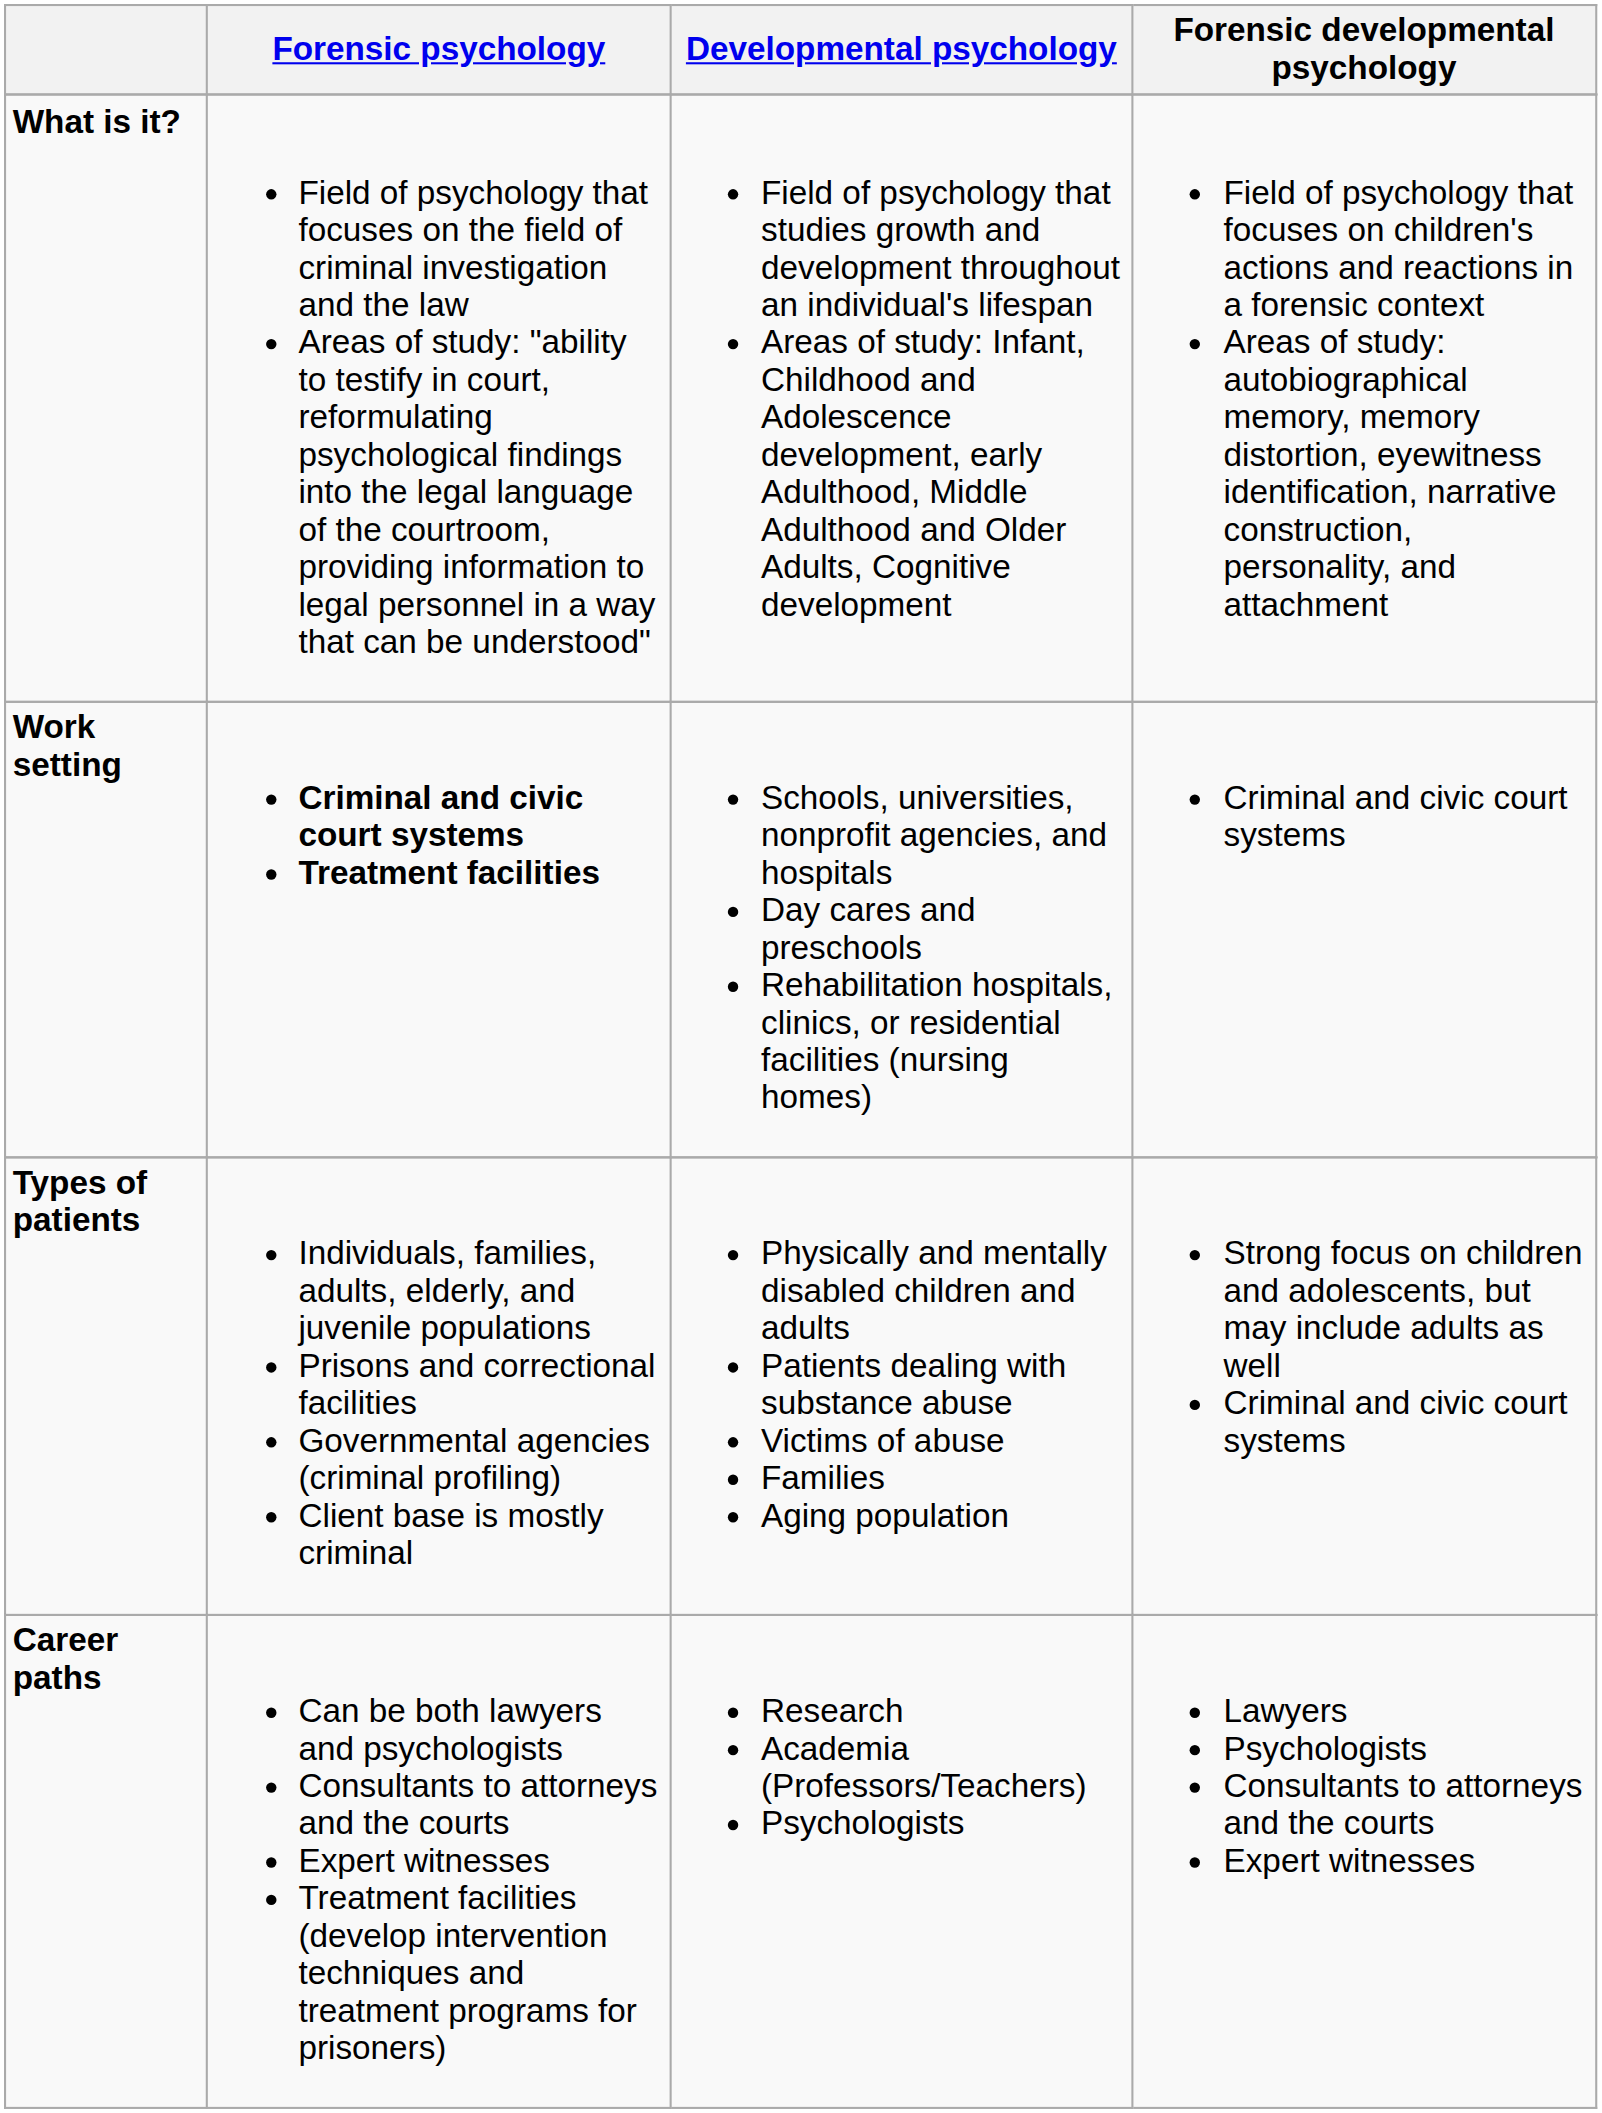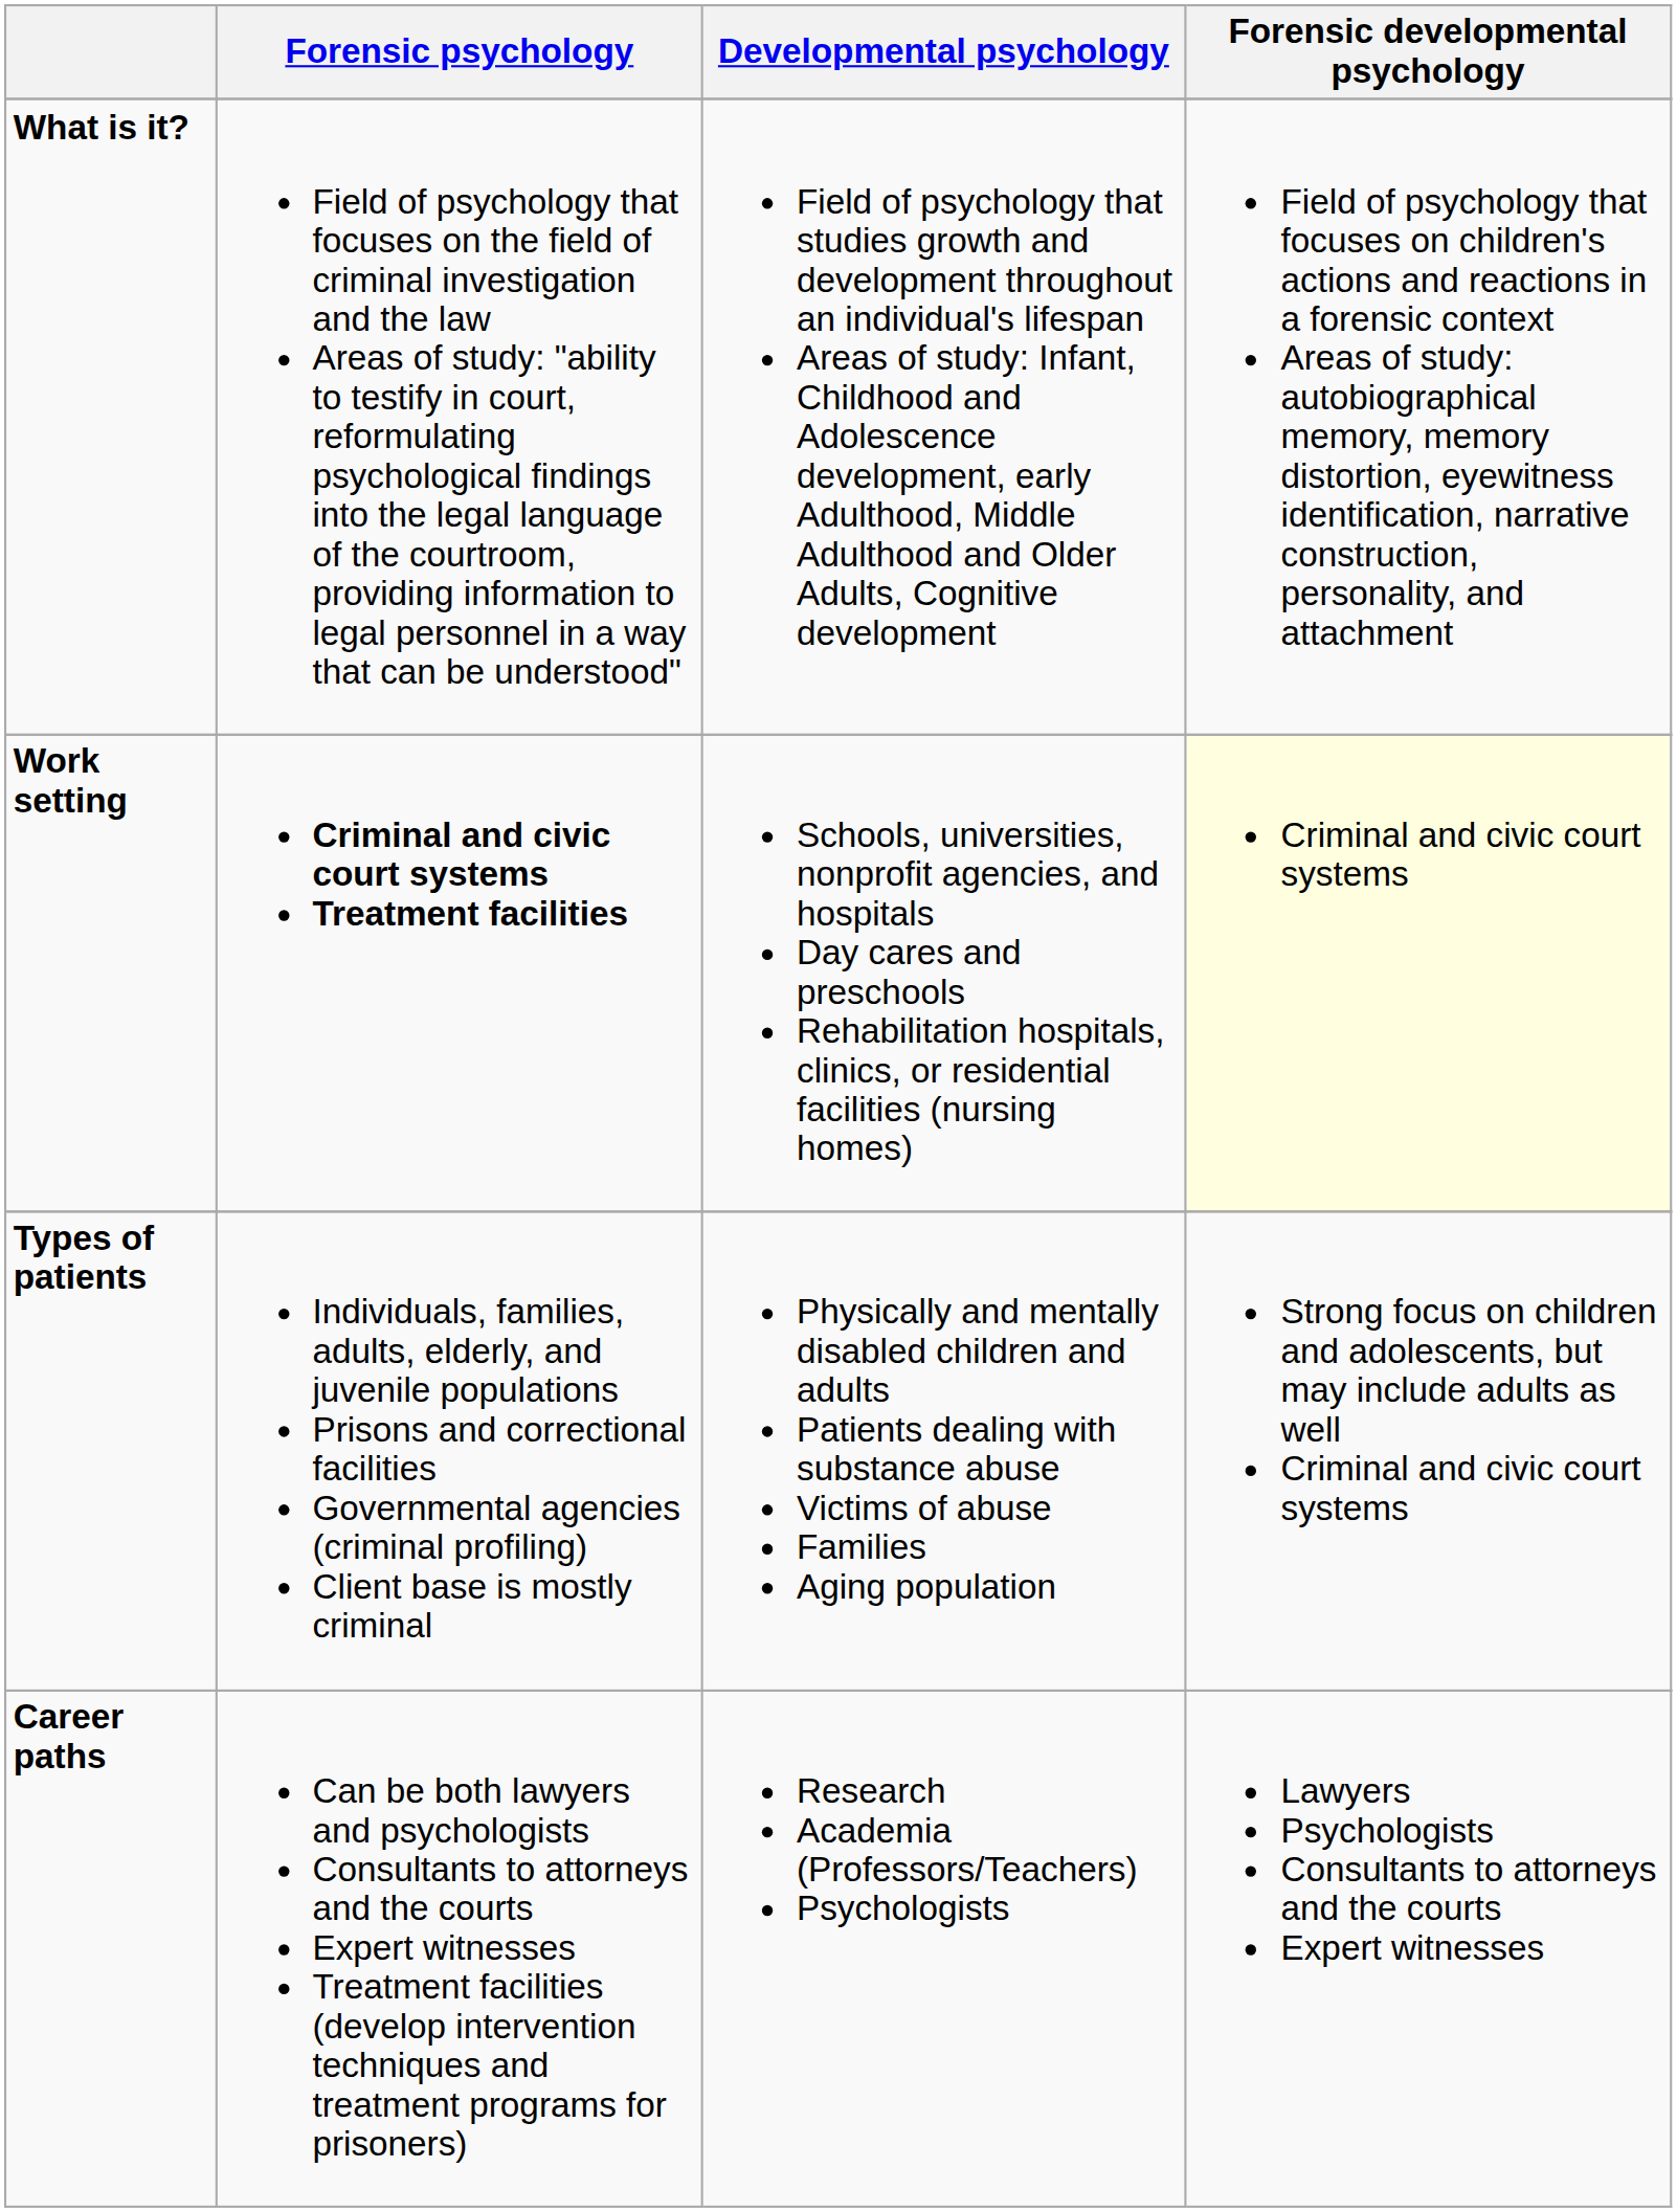 <table class="wikitable">
 <tr>
 <th scope="col" width="90px"></th>
 <th ! scope="col" width="215px"><a href='#'>Forensic psychology</a></th>
 <th ! scope="col" width="215px"><a href='#'>Developmental psychology</a></th>
 <th ! scope="col" width="215px">Forensic developmental psychology</th>
 </tr>
 <tr>
 </tr>
 <tr valign="top">
 <td><strong>What is it?</strong></td>
 <td><br><ul><li>Field of psychology that focuses on the field of criminal investigation and the law</li><li>Areas of study: "ability to testify in court, reformulating psychological findings into the legal language of the courtroom, providing information to legal personnel in a way that can be understood"</li></ul></td>
 <td><br><ul><li>Field of psychology that studies growth and development throughout an individual's lifespan</li><li>Areas of study: Infant, Childhood and Adolescence development, early Adulthood, Middle Adulthood and Older Adults, Cognitive development</li></ul></td>
 <td><br><ul><li>Field of psychology that focuses on children's actions and reactions in a forensic context</li><li>Areas of study: autobiographical memory, memory distortion, eyewitness identification, narrative construction, personality, and attachment</li></ul></td>
 </tr>
 <tr>
 </tr>
 <tr valign="top">
 <td><strong>Work setting</strong></td>
 <td><strong><br><ul><li>Criminal and civic court systems</li><li>Treatment facilities</li></ul></strong></td>
 <td><br><ul><li>Schools, universities, nonprofit agencies, and hospitals</li><li>Day cares and preschools</li><li>Rehabilitation hospitals, clinics, or residential facilities (nursing homes)</li></ul></td>
-<td><br><ul><li>Criminal and civic court systems</li></ul></td>
+<td style="background: lightyellow;"><br><ul><li>Criminal and civic court systems</li></ul></td>
 </tr>
 <tr>
 </tr>
 <tr valign="top">
 <td><strong>Types of patients</strong></td>
 <td><br><ul><li>Individuals, families, adults, elderly, and juvenile populations</li><li>Prisons and correctional facilities</li><li>Governmental agencies (criminal profiling)</li><li>Client base is mostly criminal </li></ul></td>
 <td><br><ul><li>Physically and mentally disabled children and adults</li><li>Patients dealing with substance abuse</li><li>Victims of abuse</li><li>Families</li><li>Aging population</li></ul></td>
 <td><br><ul><li>Strong focus on children and adolescents, but may include adults as well</li><li>Criminal and civic court systems</li></ul></td>
 </tr>
 <tr>
 </tr>
 <tr valign="top">
 <td><strong>Career paths</strong></td>
 <td><br><ul><li>Can be both lawyers and psychologists</li><li>Consultants to attorneys and the courts</li><li>Expert witnesses</li><li>Treatment facilities (develop intervention techniques and treatment programs for prisoners) </li></ul></td>
 <td><br><ul><li>Research</li><li>Academia (Professors/Teachers)</li><li>Psychologists</li></ul></td>
 <td><br><ul><li>Lawyers</li><li>Psychologists</li><li>Consultants to attorneys and the courts</li><li>Expert witnesses</li></ul></td>
 </tr>
 </table>
